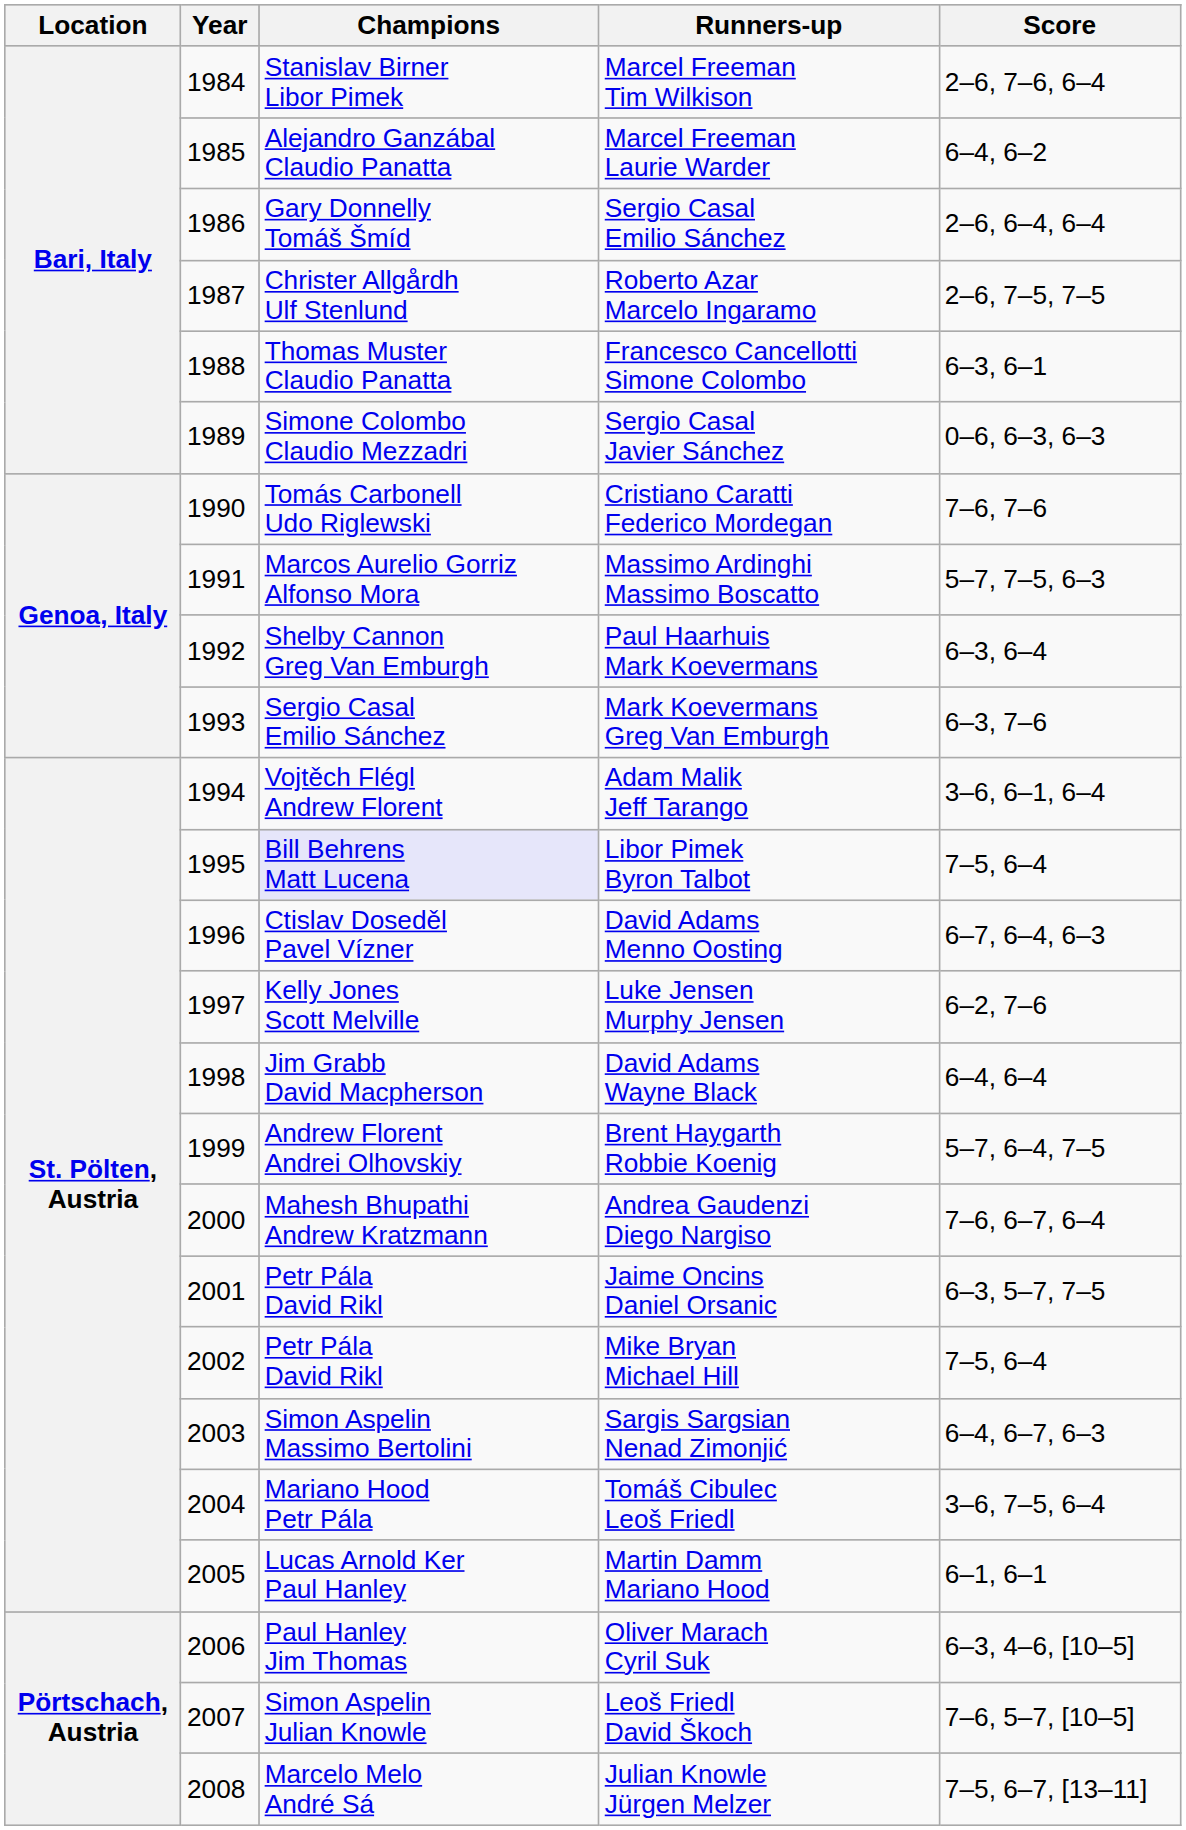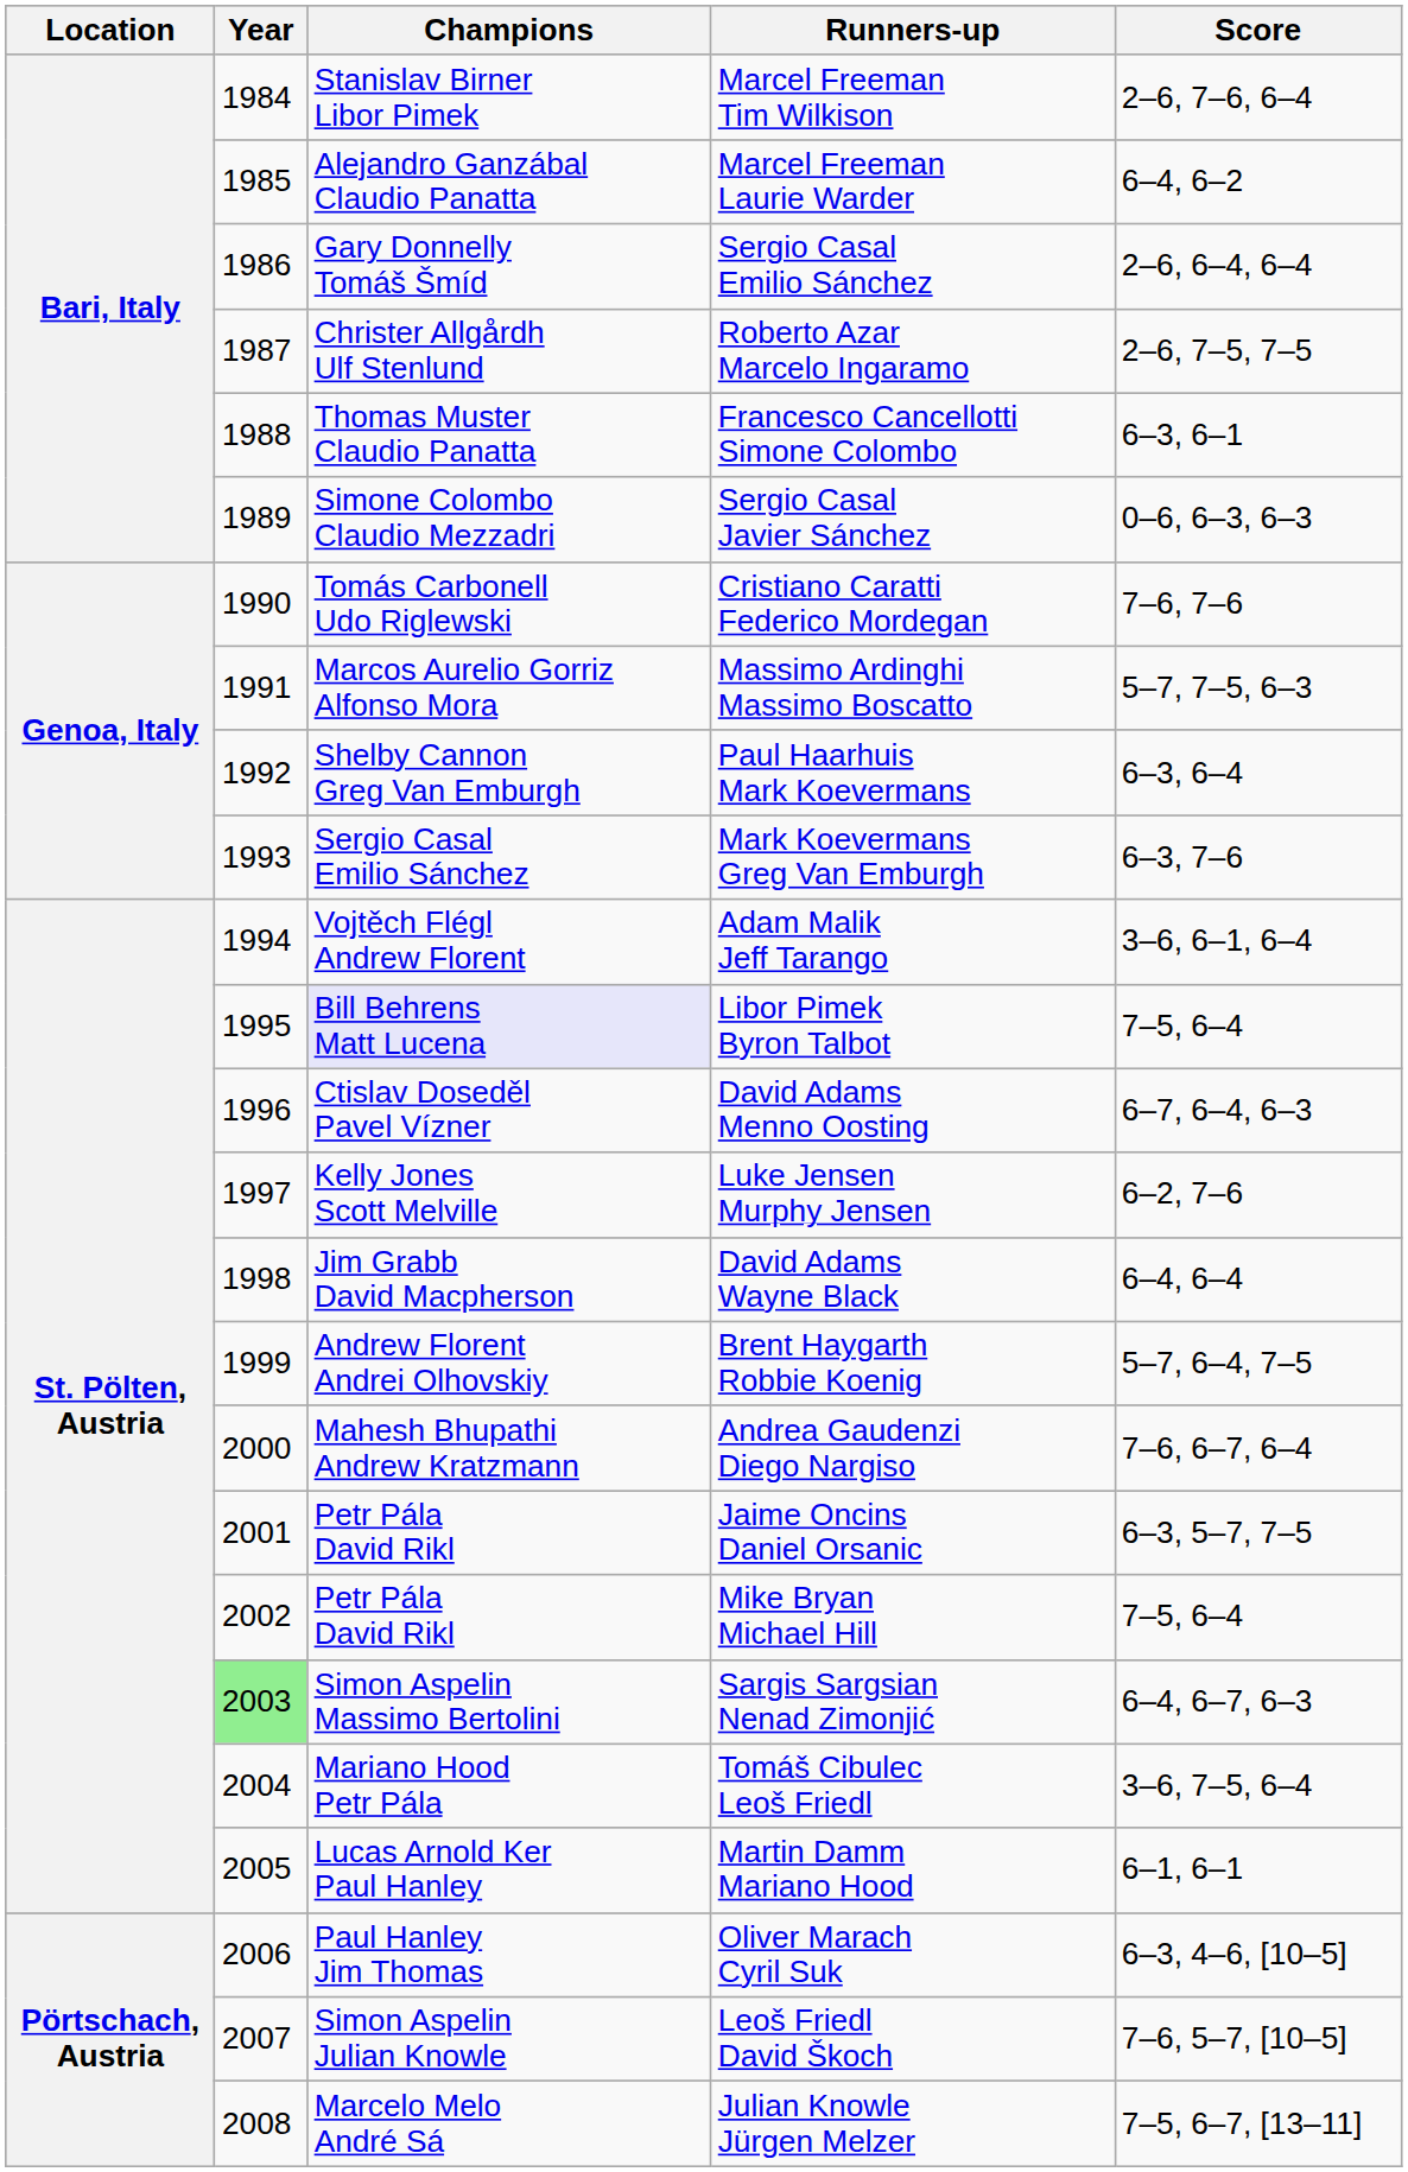 <table class=wikitable>
 <tr>
 <th style="width:100px">Location</th>
 <th style="width:40px">Year</th>
 <th style="width:200px">Champions</th>
 <th style="width:200px">Runners-up</th>
 <th style="width:140px" class="unsortable">Score</th>
 </tr>
 <tr>
 <th rowspan=6 bgcolor=ededed><a href='#'>Bari, Italy</a></th>
 <td>1984</td>
 <td> <a href='#'>Stanislav Birner</a><br> <a href='#'>Libor Pimek</a></td>
 <td> <a href='#'>Marcel Freeman</a><br> <a href='#'>Tim Wilkison</a></td>
 <td>2–6, 7–6, 6–4</td>
 </tr>
 <tr>
 <td>1985</td>
 <td> <a href='#'>Alejandro Ganzábal</a><br> <a href='#'>Claudio Panatta</a></td>
 <td> <a href='#'>Marcel Freeman</a><br> <a href='#'>Laurie Warder</a></td>
 <td>6–4, 6–2</td>
 </tr>
 <tr>
 <td>1986</td>
 <td> <a href='#'>Gary Donnelly</a><br> <a href='#'>Tomáš Šmíd</a></td>
 <td> <a href='#'>Sergio Casal</a><br> <a href='#'>Emilio Sánchez</a></td>
 <td>2–6, 6–4, 6–4</td>
 </tr>
 <tr>
 <td>1987</td>
 <td> <a href='#'>Christer Allgårdh</a><br> <a href='#'>Ulf Stenlund</a></td>
 <td> <a href='#'>Roberto Azar</a><br> <a href='#'>Marcelo Ingaramo</a></td>
 <td>2–6, 7–5, 7–5</td>
 </tr>
 <tr>
 <td>1988</td>
 <td> <a href='#'>Thomas Muster</a><br> <a href='#'>Claudio Panatta</a></td>
 <td> <a href='#'>Francesco Cancellotti</a><br> <a href='#'>Simone Colombo</a></td>
 <td>6–3, 6–1</td>
 </tr>
 <tr>
 <td>1989</td>
 <td> <a href='#'>Simone Colombo</a><br> <a href='#'>Claudio Mezzadri</a></td>
 <td> <a href='#'>Sergio Casal</a><br> <a href='#'>Javier Sánchez</a></td>
 <td>0–6, 6–3, 6–3</td>
 </tr>
 <tr>
 <th rowspan=4 bgcolor=ededed><a href='#'>Genoa, Italy</a></th>
 <td>1990</td>
 <td> <a href='#'>Tomás Carbonell</a><br> <a href='#'>Udo Riglewski</a></td>
 <td> <a href='#'>Cristiano Caratti</a><br> <a href='#'>Federico Mordegan</a></td>
 <td>7–6, 7–6</td>
 </tr>
 <tr>
 <td>1991</td>
 <td> <a href='#'>Marcos Aurelio Gorriz</a><br> <a href='#'>Alfonso Mora</a></td>
 <td> <a href='#'>Massimo Ardinghi</a><br> <a href='#'>Massimo Boscatto</a></td>
 <td>5–7, 7–5, 6–3</td>
 </tr>
 <tr>
 <td>1992</td>
 <td> <a href='#'>Shelby Cannon</a><br> <a href='#'>Greg Van Emburgh</a></td>
 <td> <a href='#'>Paul Haarhuis</a><br> <a href='#'>Mark Koevermans</a></td>
 <td>6–3, 6–4</td>
 </tr>
 <tr>
 <td>1993</td>
 <td> <a href='#'>Sergio Casal</a><br> <a href='#'>Emilio Sánchez</a></td>
 <td> <a href='#'>Mark Koevermans</a><br> <a href='#'>Greg Van Emburgh</a></td>
 <td>6–3, 7–6</td>
 </tr>
 <tr>
 <th rowspan=12 bgcolor=ededed><a href='#'>St. Pölten</a>, Austria</th>
 <td>1994</td>
 <td> <a href='#'>Vojtěch Flégl</a><br> <a href='#'>Andrew Florent</a></td>
 <td> <a href='#'>Adam Malik</a><br> <a href='#'>Jeff Tarango</a></td>
 <td>3–6, 6–1, 6–4</td>
 </tr>
 <tr>
 <td>1995</td>
 <td style="background: lavender;"> <a href='#'>Bill Behrens</a><br> <a href='#'>Matt Lucena</a></td>
 <td> <a href='#'>Libor Pimek</a><br> <a href='#'>Byron Talbot</a></td>
 <td>7–5, 6–4</td>
 </tr>
 <tr>
 <td>1996</td>
 <td> <a href='#'>Ctislav Doseděl</a><br> <a href='#'>Pavel Vízner</a></td>
 <td> <a href='#'>David Adams</a><br> <a href='#'>Menno Oosting</a></td>
 <td>6–7, 6–4, 6–3</td>
 </tr>
 <tr>
 <td>1997</td>
 <td> <a href='#'>Kelly Jones</a><br> <a href='#'>Scott Melville</a></td>
 <td> <a href='#'>Luke Jensen</a><br> <a href='#'>Murphy Jensen</a></td>
 <td>6–2, 7–6</td>
 </tr>
 <tr>
 <td>1998</td>
 <td> <a href='#'>Jim Grabb</a><br> <a href='#'>David Macpherson</a></td>
 <td> <a href='#'>David Adams</a><br> <a href='#'>Wayne Black</a></td>
 <td>6–4, 6–4</td>
 </tr>
 <tr>
 <td>1999</td>
 <td> <a href='#'>Andrew Florent</a><br> <a href='#'>Andrei Olhovskiy</a></td>
 <td> <a href='#'>Brent Haygarth</a><br> <a href='#'>Robbie Koenig</a></td>
 <td>5–7, 6–4, 7–5</td>
 </tr>
 <tr>
 <td>2000</td>
 <td> <a href='#'>Mahesh Bhupathi</a><br> <a href='#'>Andrew Kratzmann</a></td>
 <td> <a href='#'>Andrea Gaudenzi</a><br> <a href='#'>Diego Nargiso</a></td>
 <td>7–6, 6–7, 6–4</td>
 </tr>
 <tr>
 <td>2001</td>
 <td> <a href='#'>Petr Pála</a><br> <a href='#'>David Rikl</a></td>
 <td> <a href='#'>Jaime Oncins</a><br> <a href='#'>Daniel Orsanic</a></td>
 <td>6–3, 5–7, 7–5</td>
 </tr>
 <tr>
 <td>2002</td>
 <td> <a href='#'>Petr Pála</a><br> <a href='#'>David Rikl</a></td>
 <td> <a href='#'>Mike Bryan</a><br> <a href='#'>Michael Hill</a></td>
 <td>7–5, 6–4</td>
 </tr>
 <tr>
-<td>2003</td>
+<td style="background: lightgreen;">2003</td>
 <td> <a href='#'>Simon Aspelin</a><br> <a href='#'>Massimo Bertolini</a></td>
 <td> <a href='#'>Sargis Sargsian</a><br> <a href='#'>Nenad Zimonjić</a></td>
 <td>6–4, 6–7, 6–3</td>
 </tr>
 <tr>
 <td>2004</td>
 <td> <a href='#'>Mariano Hood</a><br> <a href='#'>Petr Pála</a></td>
 <td> <a href='#'>Tomáš Cibulec</a><br> <a href='#'>Leoš Friedl</a></td>
 <td>3–6, 7–5, 6–4</td>
 </tr>
 <tr>
 <td>2005</td>
 <td> <a href='#'>Lucas Arnold Ker</a><br> <a href='#'>Paul Hanley</a></td>
 <td> <a href='#'>Martin Damm</a><br> <a href='#'>Mariano Hood</a></td>
 <td>6–1, 6–1</td>
 </tr>
 <tr>
 <th rowspan=3 bgcolor=ededed><a href='#'>Pörtschach</a>, Austria</th>
 <td>2006</td>
 <td> <a href='#'>Paul Hanley</a><br> <a href='#'>Jim Thomas</a></td>
 <td> <a href='#'>Oliver Marach</a><br> <a href='#'>Cyril Suk</a></td>
 <td>6–3, 4–6, [10–5]</td>
 </tr>
 <tr>
 <td>2007</td>
 <td> <a href='#'>Simon Aspelin</a><br> <a href='#'>Julian Knowle</a></td>
 <td> <a href='#'>Leoš Friedl</a><br> <a href='#'>David Škoch</a></td>
 <td>7–6, 5–7, [10–5]</td>
 </tr>
 <tr>
 <td>2008</td>
 <td> <a href='#'>Marcelo Melo</a><br> <a href='#'>André Sá</a></td>
 <td> <a href='#'>Julian Knowle</a><br> <a href='#'>Jürgen Melzer</a></td>
 <td>7–5, 6–7, [13–11]</td>
 </tr>
 </table>
